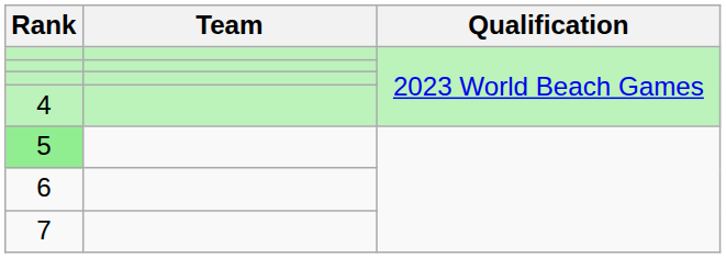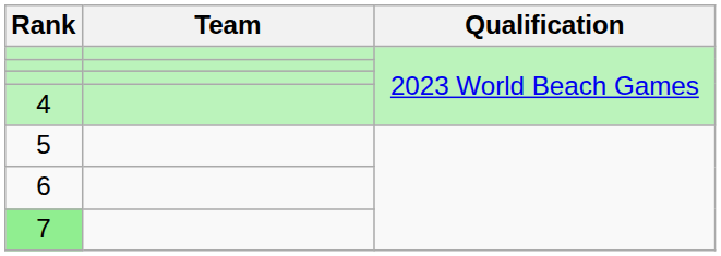 <table class="wikitable">
 <tr>
 <th>Rank</th>
 <th width=170>Team</th>
 <th width=200>Qualification</th>
 </tr>
 <tr bgcolor="#bbf3bb">
 <td align=center></td>
 <td></td>
 <td rowspan=4 align=center><a href='#'>2023 World Beach Games</a></td>
 </tr>
 <tr bgcolor="#bbf3bb">
 <td align=center></td>
 <td></td>
 </tr>
 <tr bgcolor="#bbf3bb">
 <td align=center></td>
 <td></td>
 </tr>
 <tr bgcolor="#bbf3bb">
 <td align=center>4</td>
 <td></td>
 </tr>
 <tr>
-<td align=center style="background: lightgreen;">5</td>
+<td align=center>5</td>
 <td></td>
 <td rowspan=3></td>
 </tr>
 <tr>
 <td align=center>6</td>
 <td></td>
 </tr>
 <tr>
-<td align=center>7</td>
+<td align=center style="background: lightgreen;">7</td>
 <td></td>
 </tr>
 </table>
